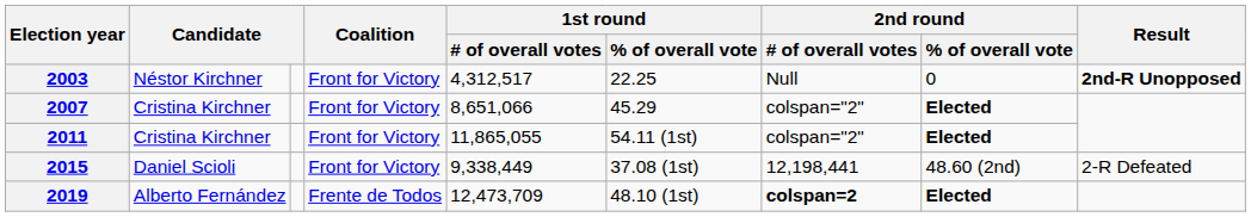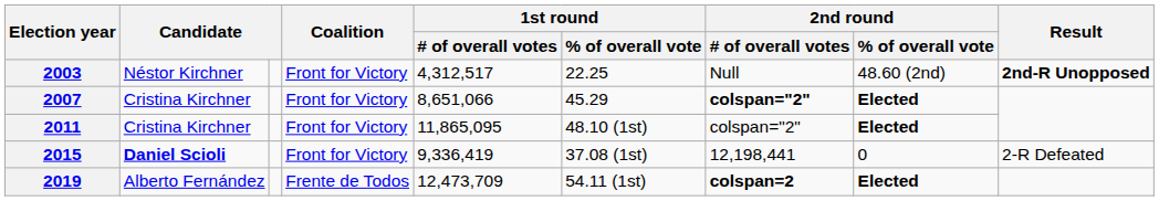 <table class=wikitable>
 <tr>
 <th rowspan=2>Election year</th>
 <th rowspan=2 colspan=2>Candidate</th>
 <th rowspan=2>Coalition</th>
 <th colspan=2>1st round</th>
 <th colspan=2>2nd round</th>
 <th rowspan=2>Result</th>
 </tr>
 <tr>
 <th># of overall votes</th>
 <th>% of overall vote</th>
 <th># of overall votes</th>
 <th>% of overall vote</th>
 </tr>
 <tr>
 <th><a href='#'>2003</a></th>
 <td><a href='#'>Néstor Kirchner</a></td>
 <td bgcolor=> </td>
 <td><a href='#'>Front for Victory</a></td>
 <td>4,312,517</td>
 <td>22.25</td>
 <td>Null</td>
-<td>0</td>
+<td>48.60 (2nd)</td>
 <td> <strong>2nd-R Unopposed</strong></td>
 </tr>
 <tr>
 <th><a href='#'>2007</a></th>
 <td><a href='#'>Cristina Kirchner</a></td>
 <td bgcolor=> </td>
 <td><a href='#'>Front for Victory</a></td>
 <td>8,651,066</td>
 <td>45.29</td>
-<td>colspan="2" </td>
+<td><strong>colspan="2" </strong></td>
 <td> <strong>Elected</strong></td>
 </tr>
 <tr>
 <th><a href='#'>2011</a></th>
 <td><a href='#'>Cristina Kirchner</a></td>
 <td bgcolor=> </td>
 <td><a href='#'>Front for Victory</a></td>
-<td>11,865,055</td>
-<td>54.11 (1st)</td>
+<td>11,865,095</td>
+<td>48.10 (1st)</td>
 <td>colspan="2" </td>
 <td> <strong>Elected</strong></td>
 </tr>
 <tr>
 <th><a href='#'>2015</a></th>
-<td><a href='#'>Daniel Scioli</a></td>
+<td><strong><a href='#'>Daniel Scioli</a></strong></td>
 <td bgcolor=> </td>
 <td><a href='#'>Front for Victory</a></td>
-<td>9,338,449</td>
+<td>9,336,419</td>
 <td>37.08	(1st)</td>
 <td>12,198,441</td>
-<td>48.60 (2nd)</td>
+<td>0</td>
 <td> 2-R Defeated</td>
 </tr>
 <tr>
 <th><a href='#'>2019</a></th>
 <td><a href='#'>Alberto Fernández</a></td>
 <td bgcolor=> </td>
 <td><a href='#'>Frente de Todos</a></td>
 <td>12,473,709</td>
-<td>48.10 (1st)</td>
+<td>54.11 (1st)</td>
 <td><strong>colspan=2 </strong></td>
 <td> <strong>Elected</strong></td>
 </tr>
 </table>
